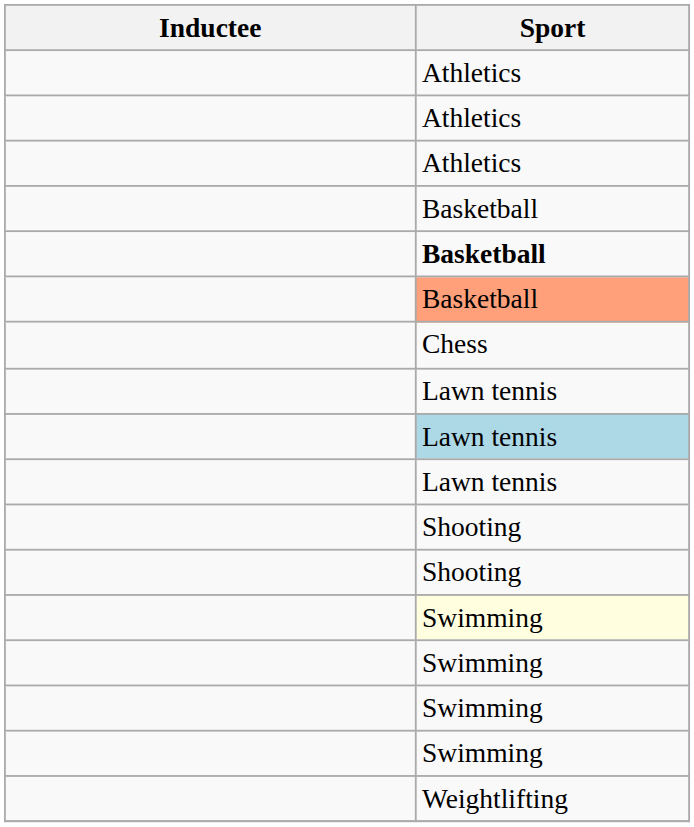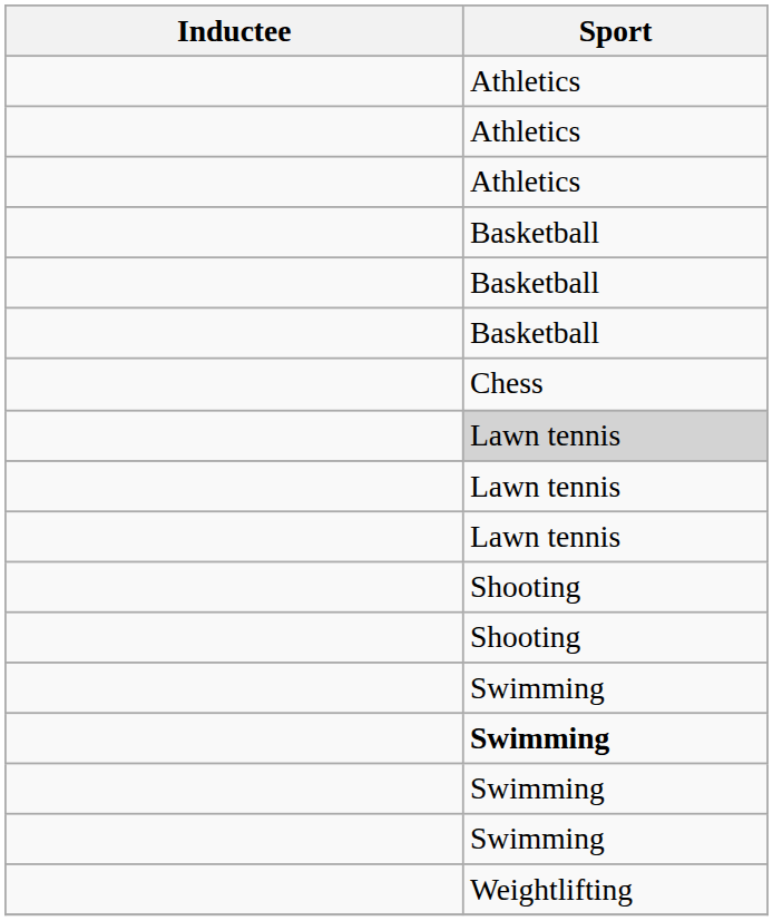 <table class="wikitable sortable" style="font-size: 95%" width=30%>
 <tr>
 <th width=60%>Inductee</th>
 <th width=40%>Sport</th>
 </tr>
 <tr>
 <td></td>
 <td>Athletics</td>
 </tr>
 <tr>
 <td></td>
 <td>Athletics</td>
 </tr>
 <tr>
 <td></td>
 <td>Athletics</td>
 </tr>
 <tr>
 <td></td>
 <td>Basketball</td>
 </tr>
 <tr>
 <td></td>
-<td><strong>Basketball</strong></td>
+<td>Basketball</td>
 </tr>
 <tr>
 <td></td>
-<td style="background: lightsalmon;">Basketball</td>
+<td>Basketball</td>
 </tr>
 <tr>
 <td></td>
 <td>Chess</td>
 </tr>
 <tr>
 <td></td>
-<td>Lawn tennis</td>
+<td style="background: lightgrey;">Lawn tennis</td>
 </tr>
 <tr>
 <td></td>
-<td style="background: lightblue;">Lawn tennis</td>
+<td>Lawn tennis</td>
 </tr>
 <tr>
 <td></td>
 <td>Lawn tennis</td>
 </tr>
 <tr>
 <td></td>
 <td>Shooting</td>
 </tr>
 <tr>
 <td></td>
 <td>Shooting</td>
 </tr>
 <tr>
 <td></td>
-<td style="background: lightyellow;">Swimming</td>
+<td>Swimming</td>
 </tr>
 <tr>
 <td></td>
-<td>Swimming</td>
+<td><strong>Swimming</strong></td>
 </tr>
 <tr>
 <td></td>
 <td>Swimming</td>
 </tr>
 <tr>
 <td></td>
 <td>Swimming</td>
 </tr>
 <tr>
 <td></td>
 <td>Weightlifting</td>
 </tr>
 <tr>
 </tr>
 </table>
